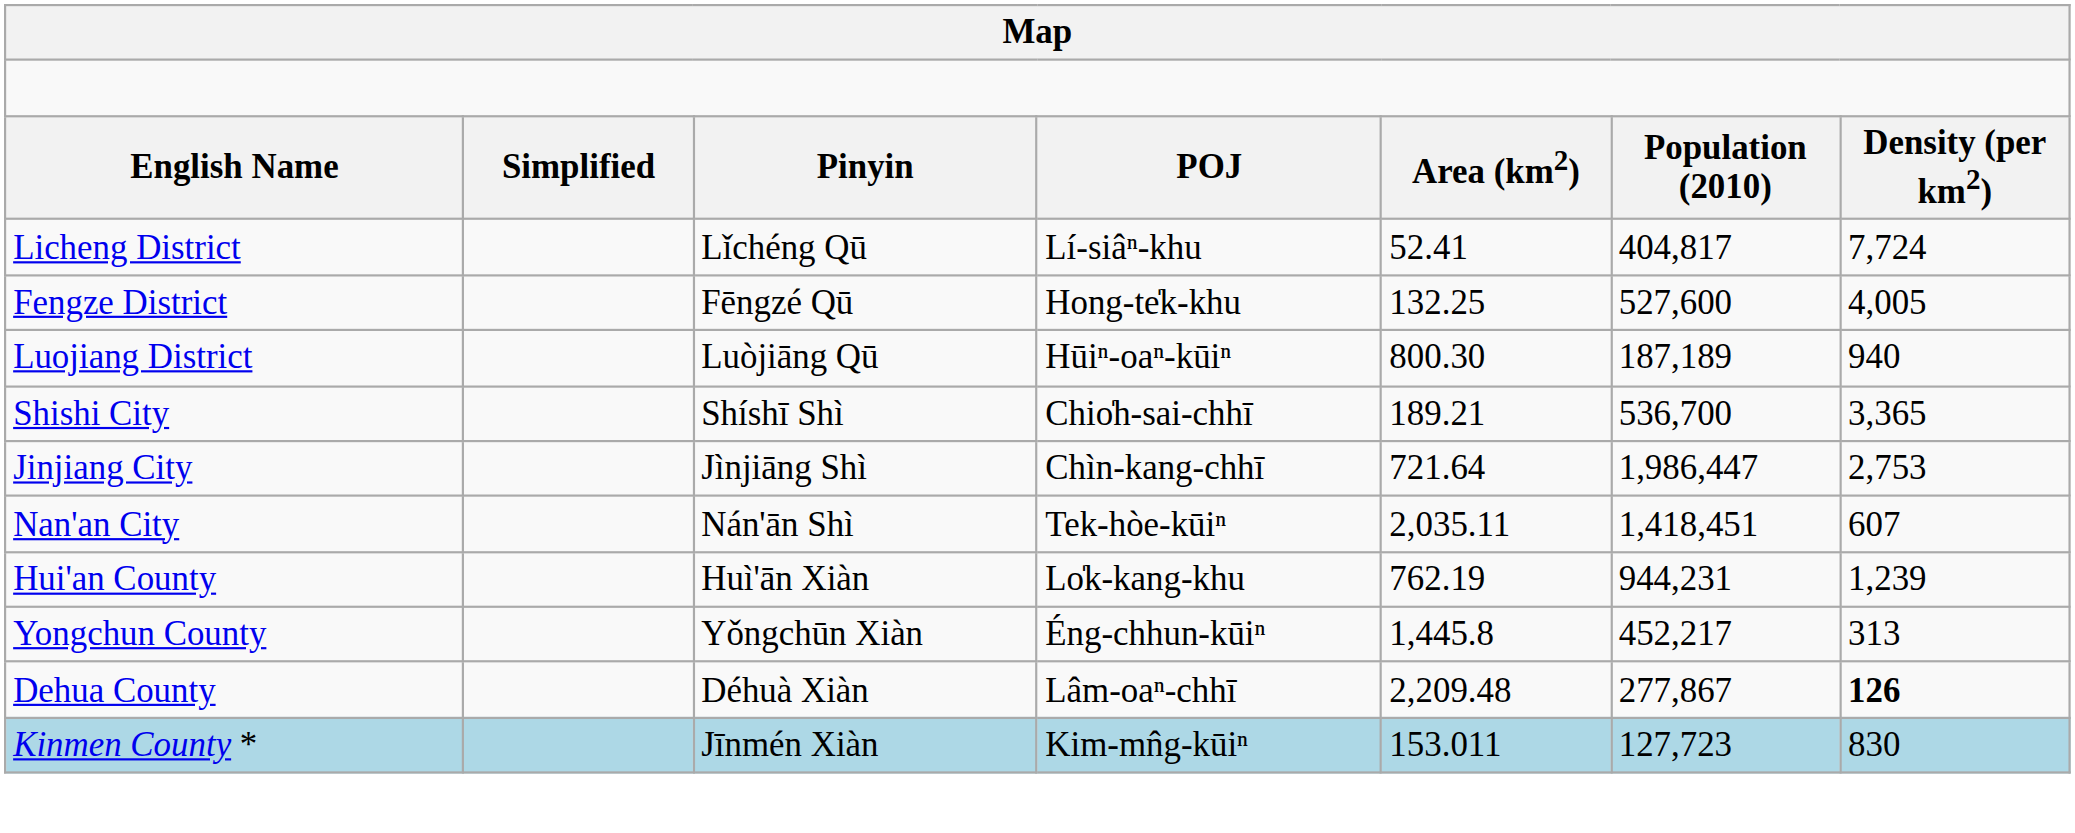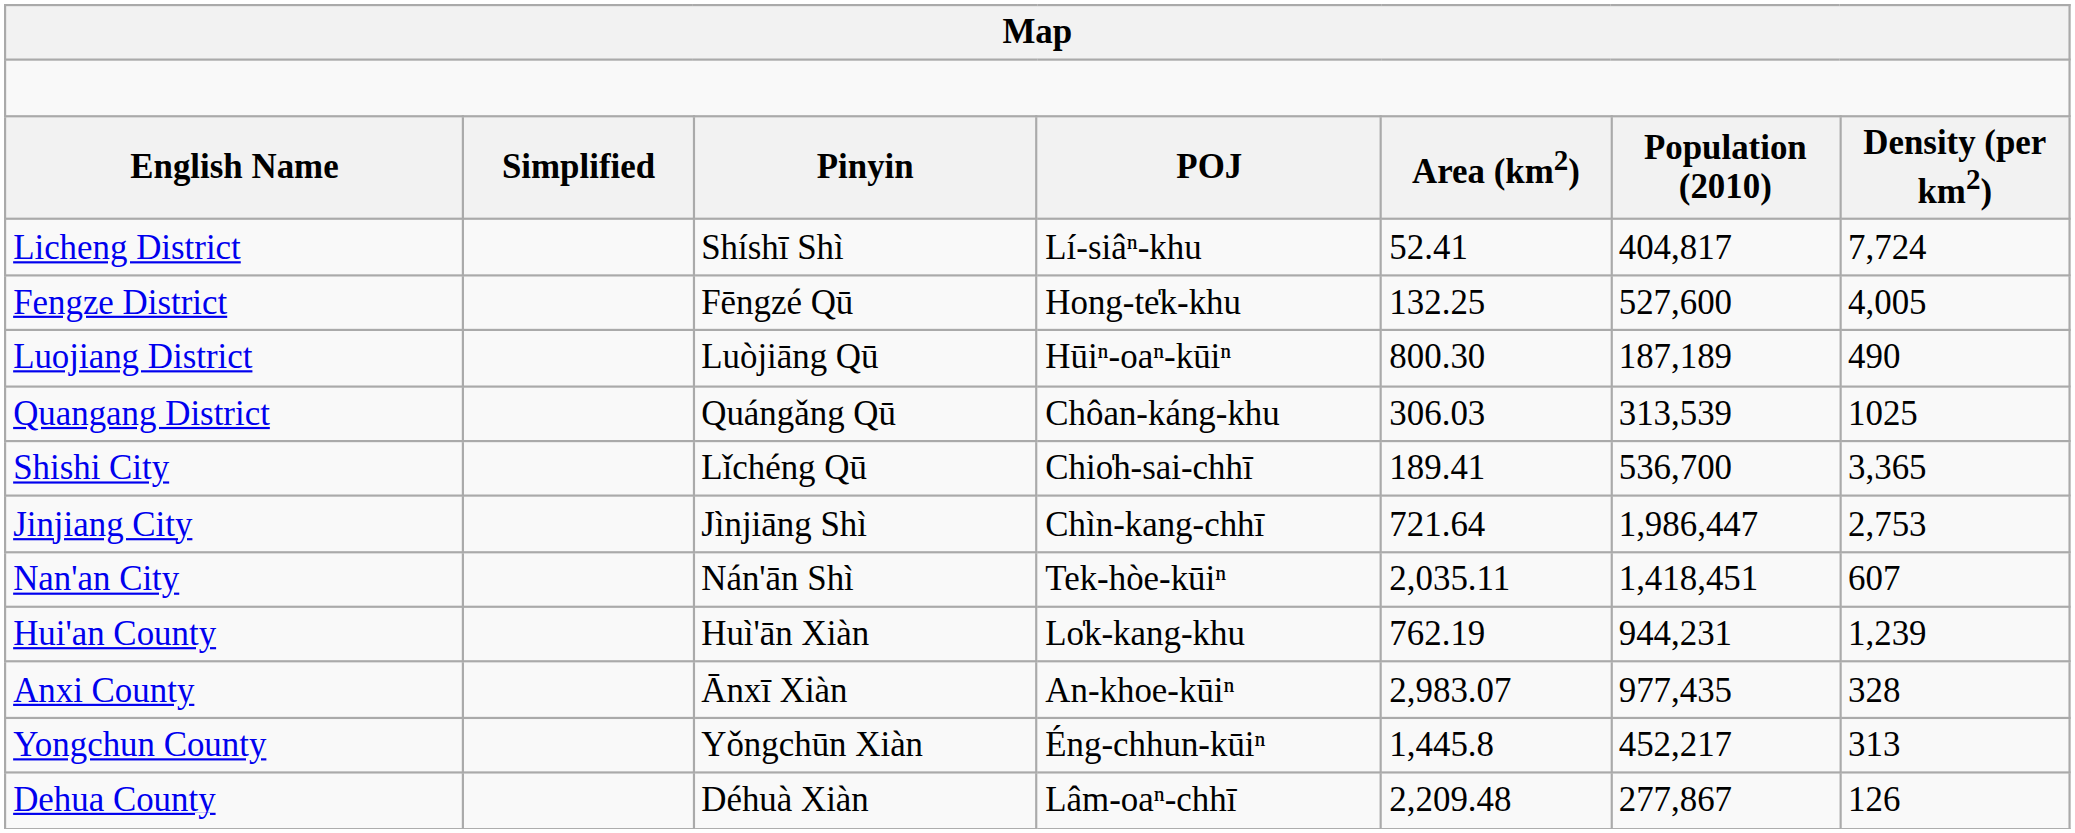 <table class="wikitable" style="width:75%;">
 <tr>
 <th colspan="7">Map</th>
 </tr>
 <tr>
 <td colspan="7"><div><br>              </div></td>
 </tr>
 <tr>
 <th style="width:20%;">English Name</th>
 <th style="width:10%;">Simplified</th>
 <th style="width:15%;">Pinyin</th>
 <th style="width:15%;">POJ</th>
 <th style="width:10%;">Area (km<sup>2</sup>)</th>
 <th style="width:10%;">Population (2010)</th>
 <th style="width:10%;">Density (per km<sup>2</sup>)</th>
 </tr>
 <tr>
 <td><a href='#'>Licheng District</a></td>
 <td></td>
-<td>Lǐchéng Qū</td>
+<td>Shíshī Shì</td>
 <td>Lí-siâⁿ-khu</td>
 <td>52.41</td>
 <td>404,817</td>
 <td>7,724</td>
 </tr>
 <tr>
 <td><a href='#'>Fengze District</a></td>
 <td></td>
 <td>Fēngzé Qū</td>
 <td>Hong-te̍k-khu</td>
 <td>132.25</td>
 <td>527,600</td>
 <td>4,005</td>
 </tr>
 <tr>
 <td><a href='#'>Luojiang District</a></td>
 <td></td>
 <td>Luòjiāng Qū</td>
 <td>Hūiⁿ-oaⁿ-kūiⁿ</td>
 <td>800.30</td>
 <td>187,189</td>
-<td>940</td>
+<td>490</td>
+</tr>
+<tr>
+<td><a href='#'>Quangang District</a></td>
+<td></td>
+<td>Quángǎng Qū</td>
+<td>Chôan-káng-khu</td>
+<td>306.03</td>
+<td>313,539</td>
+<td>1025</td>
 </tr>
 <tr>
 <td><a href='#'>Shishi City</a></td>
 <td></td>
-<td>Shíshī Shì</td>
+<td>Lǐchéng Qū</td>
 <td>Chio̍h-sai-chhī</td>
-<td>189.21</td>
+<td>189.41</td>
 <td>536,700</td>
 <td>3,365</td>
 </tr>
 <tr>
 <td><a href='#'>Jinjiang City</a></td>
 <td></td>
 <td>Jìnjiāng Shì</td>
 <td>Chìn-kang-chhī</td>
 <td>721.64</td>
 <td>1,986,447</td>
 <td>2,753</td>
 </tr>
 <tr>
 <td><a href='#'>Nan'an City</a></td>
 <td></td>
 <td>Nán'ān Shì</td>
 <td>Tek-hòe-kūiⁿ</td>
 <td>2,035.11</td>
 <td>1,418,451</td>
 <td>607</td>
 </tr>
 <tr>
 <td><a href='#'>Hui'an County</a></td>
 <td></td>
 <td>Huì'ān Xiàn</td>
 <td>Lo̍k-kang-khu</td>
 <td>762.19</td>
 <td>944,231</td>
 <td>1,239</td>
 </tr>
 <tr>
+<td><a href='#'>Anxi County</a></td>
+<td></td>
+<td>Ānxī Xiàn</td>
+<td>An-khoe-kūiⁿ</td>
+<td>2,983.07</td>
+<td>977,435</td>
+<td>328</td>
+</tr>
+<tr>
 <td><a href='#'>Yongchun County</a></td>
 <td></td>
 <td>Yǒngchūn Xiàn</td>
 <td>Éng-chhun-kūiⁿ</td>
 <td>1,445.8</td>
 <td>452,217</td>
 <td>313</td>
 </tr>
 <tr>
 <td><a href='#'>Dehua County</a></td>
 <td></td>
 <td>Déhuà Xiàn</td>
 <td>Lâm-oaⁿ-chhī</td>
 <td>2,209.48</td>
 <td>277,867</td>
-<td><strong>126</strong></td>
-</tr>
-<tr bgcolor="lightblue">
-<td><em><a href='#'>Kinmen County</a></em> *</td>
-<td></td>
-<td>Jīnmén Xiàn</td>
-<td>Kim-mn̂g-kūiⁿ</td>
-<td>153.011</td>
-<td>127,723</td>
-<td>830</td>
+<td>126</td>
 </tr>
 </table>
